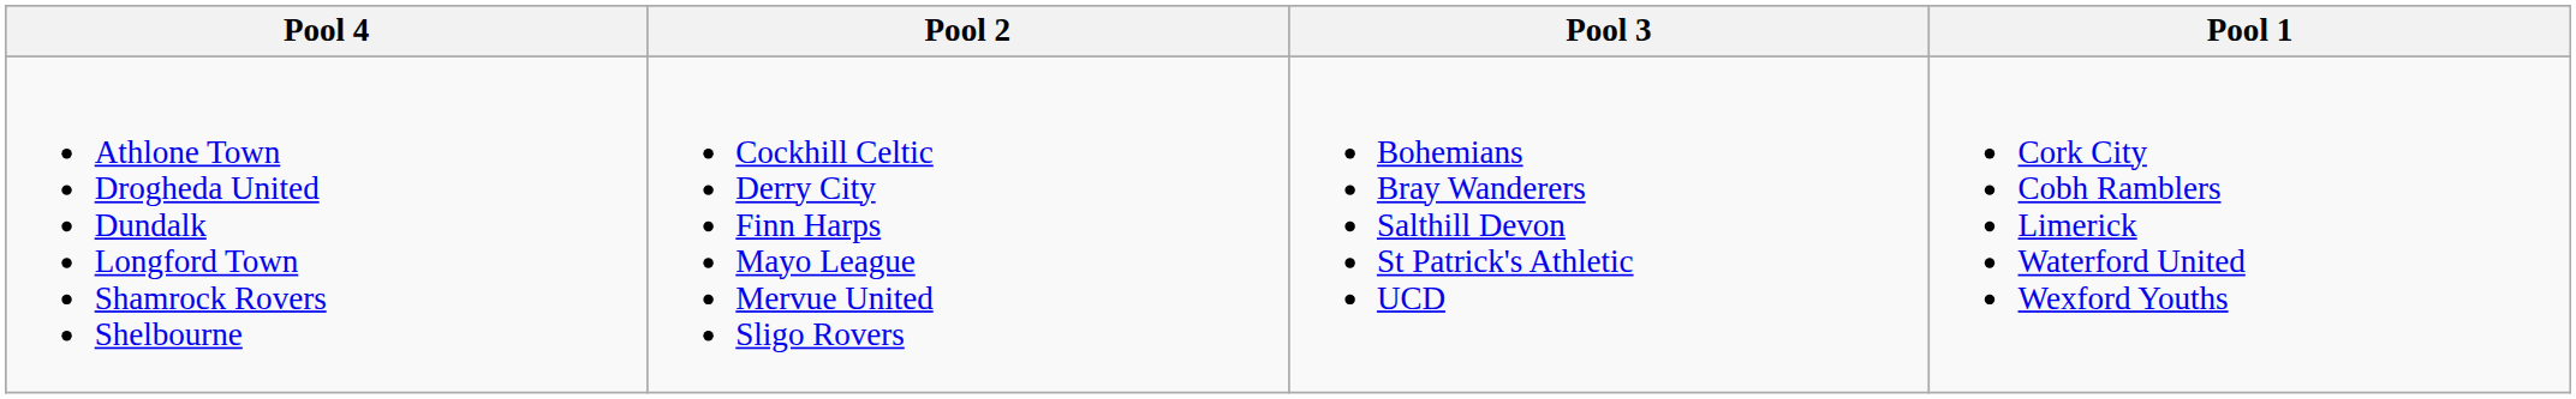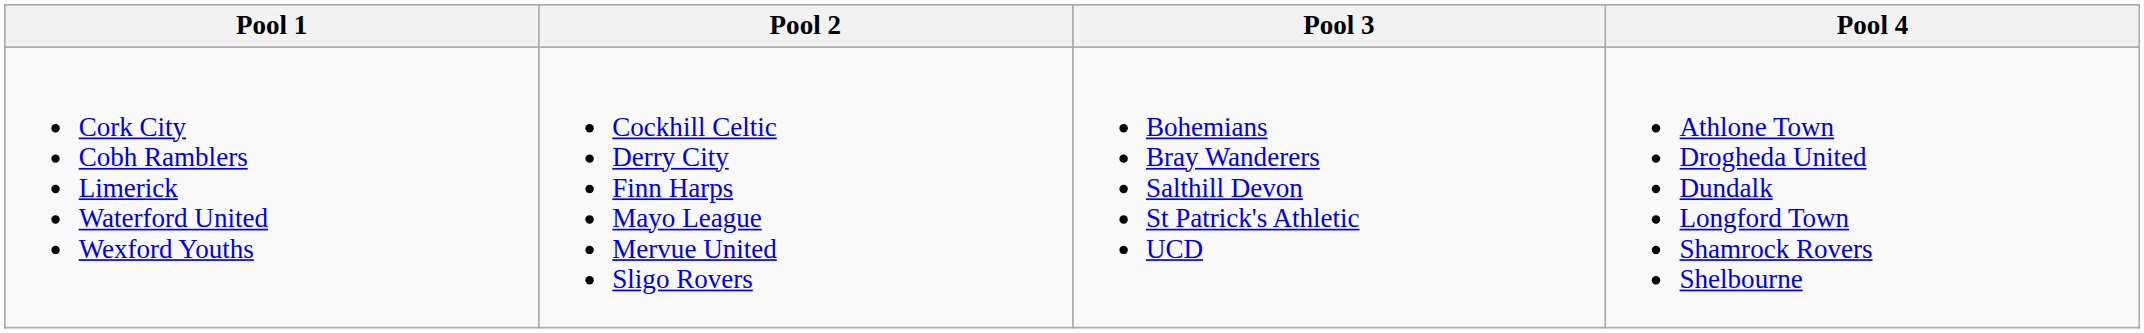 <table class="wikitable" width=100%>
 <tr>
-<th width=16%>Pool 4</th>
+<th width=16%>Pool 1</th>
 <th width=16%>Pool 2</th>
 <th width=16%>Pool 3</th>
-<th width=16%>Pool 1</th>
+<th width=16%>Pool 4</th>
 </tr>
 <tr valign=top>
-<td><br><ul><li><a href='#'>Athlone Town</a></li><li><a href='#'>Drogheda United</a></li><li><a href='#'>Dundalk</a></li><li><a href='#'>Longford Town</a></li><li><a href='#'>Shamrock Rovers</a></li><li><a href='#'>Shelbourne</a></li></ul></td>
+<td><br><ul><li><a href='#'>Cork City</a></li><li><a href='#'>Cobh Ramblers</a></li><li><a href='#'>Limerick</a></li><li><a href='#'>Waterford United</a></li><li><a href='#'>Wexford Youths</a></li></ul></td>
 <td><br><ul><li><a href='#'>Cockhill Celtic</a></li><li><a href='#'>Derry City</a></li><li><a href='#'>Finn Harps</a></li><li><a href='#'>Mayo League</a></li><li><a href='#'>Mervue United</a></li><li><a href='#'>Sligo Rovers</a></li></ul></td>
 <td><br><ul><li><a href='#'>Bohemians</a></li><li><a href='#'>Bray Wanderers</a></li><li><a href='#'>Salthill Devon</a></li><li><a href='#'>St Patrick's Athletic</a></li><li><a href='#'>UCD</a></li></ul></td>
-<td><br><ul><li><a href='#'>Cork City</a></li><li><a href='#'>Cobh Ramblers</a></li><li><a href='#'>Limerick</a></li><li><a href='#'>Waterford United</a></li><li><a href='#'>Wexford Youths</a></li></ul></td>
+<td><br><ul><li><a href='#'>Athlone Town</a></li><li><a href='#'>Drogheda United</a></li><li><a href='#'>Dundalk</a></li><li><a href='#'>Longford Town</a></li><li><a href='#'>Shamrock Rovers</a></li><li><a href='#'>Shelbourne</a></li></ul></td>
 </tr>
 </table>
